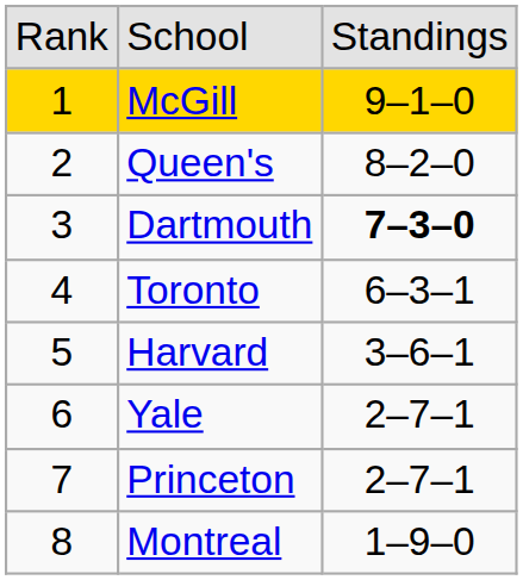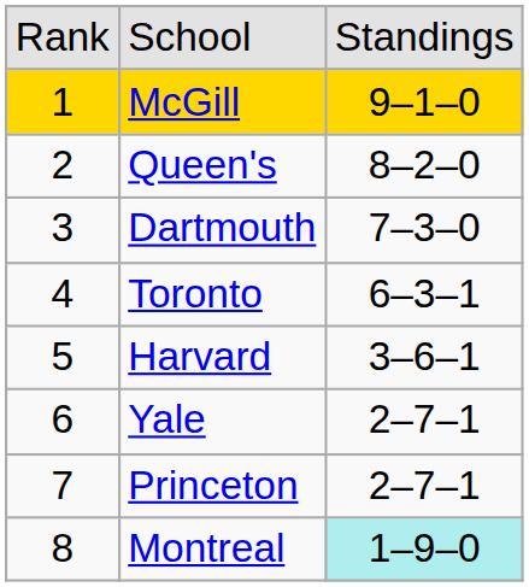 <table class="wikitable">
 <tr>
 <td style="background: #e3e3e3;">Rank</td>
 <td style="background: #e3e3e3;">School</td>
 <td style="background: #e3e3e3;">Standings</td>
 </tr>
 <tr bgcolor=gold>
 <td align=center>1</td>
 <td><a href='#'>McGill</a></td>
 <td align=center>9–1–0</td>
 </tr>
 <tr>
 <td align=center>2</td>
 <td><a href='#'>Queen's</a></td>
 <td align=center>8–2–0</td>
 </tr>
 <tr>
 <td align=center>3</td>
 <td><a href='#'>Dartmouth</a></td>
-<td align=center><strong>7–3–0</strong></td>
+<td align=center>7–3–0</td>
 </tr>
 <tr>
 <td align=center>4</td>
 <td><a href='#'>Toronto</a></td>
 <td align=center>6–3–1</td>
 </tr>
 <tr>
 <td align=center>5</td>
 <td><a href='#'>Harvard</a></td>
 <td align=center>3–6–1</td>
 </tr>
 <tr>
 <td align=center>6</td>
 <td><a href='#'>Yale</a></td>
 <td align=center>2–7–1</td>
 </tr>
 <tr>
 <td align=center>7</td>
 <td><a href='#'>Princeton</a></td>
 <td align=center>2–7–1</td>
 </tr>
 <tr>
 <td align=center>8</td>
 <td><a href='#'>Montreal</a></td>
-<td align=center>1–9–0</td>
+<td align=center style="background: paleturquoise;">1–9–0</td>
 </tr>
 </table>
